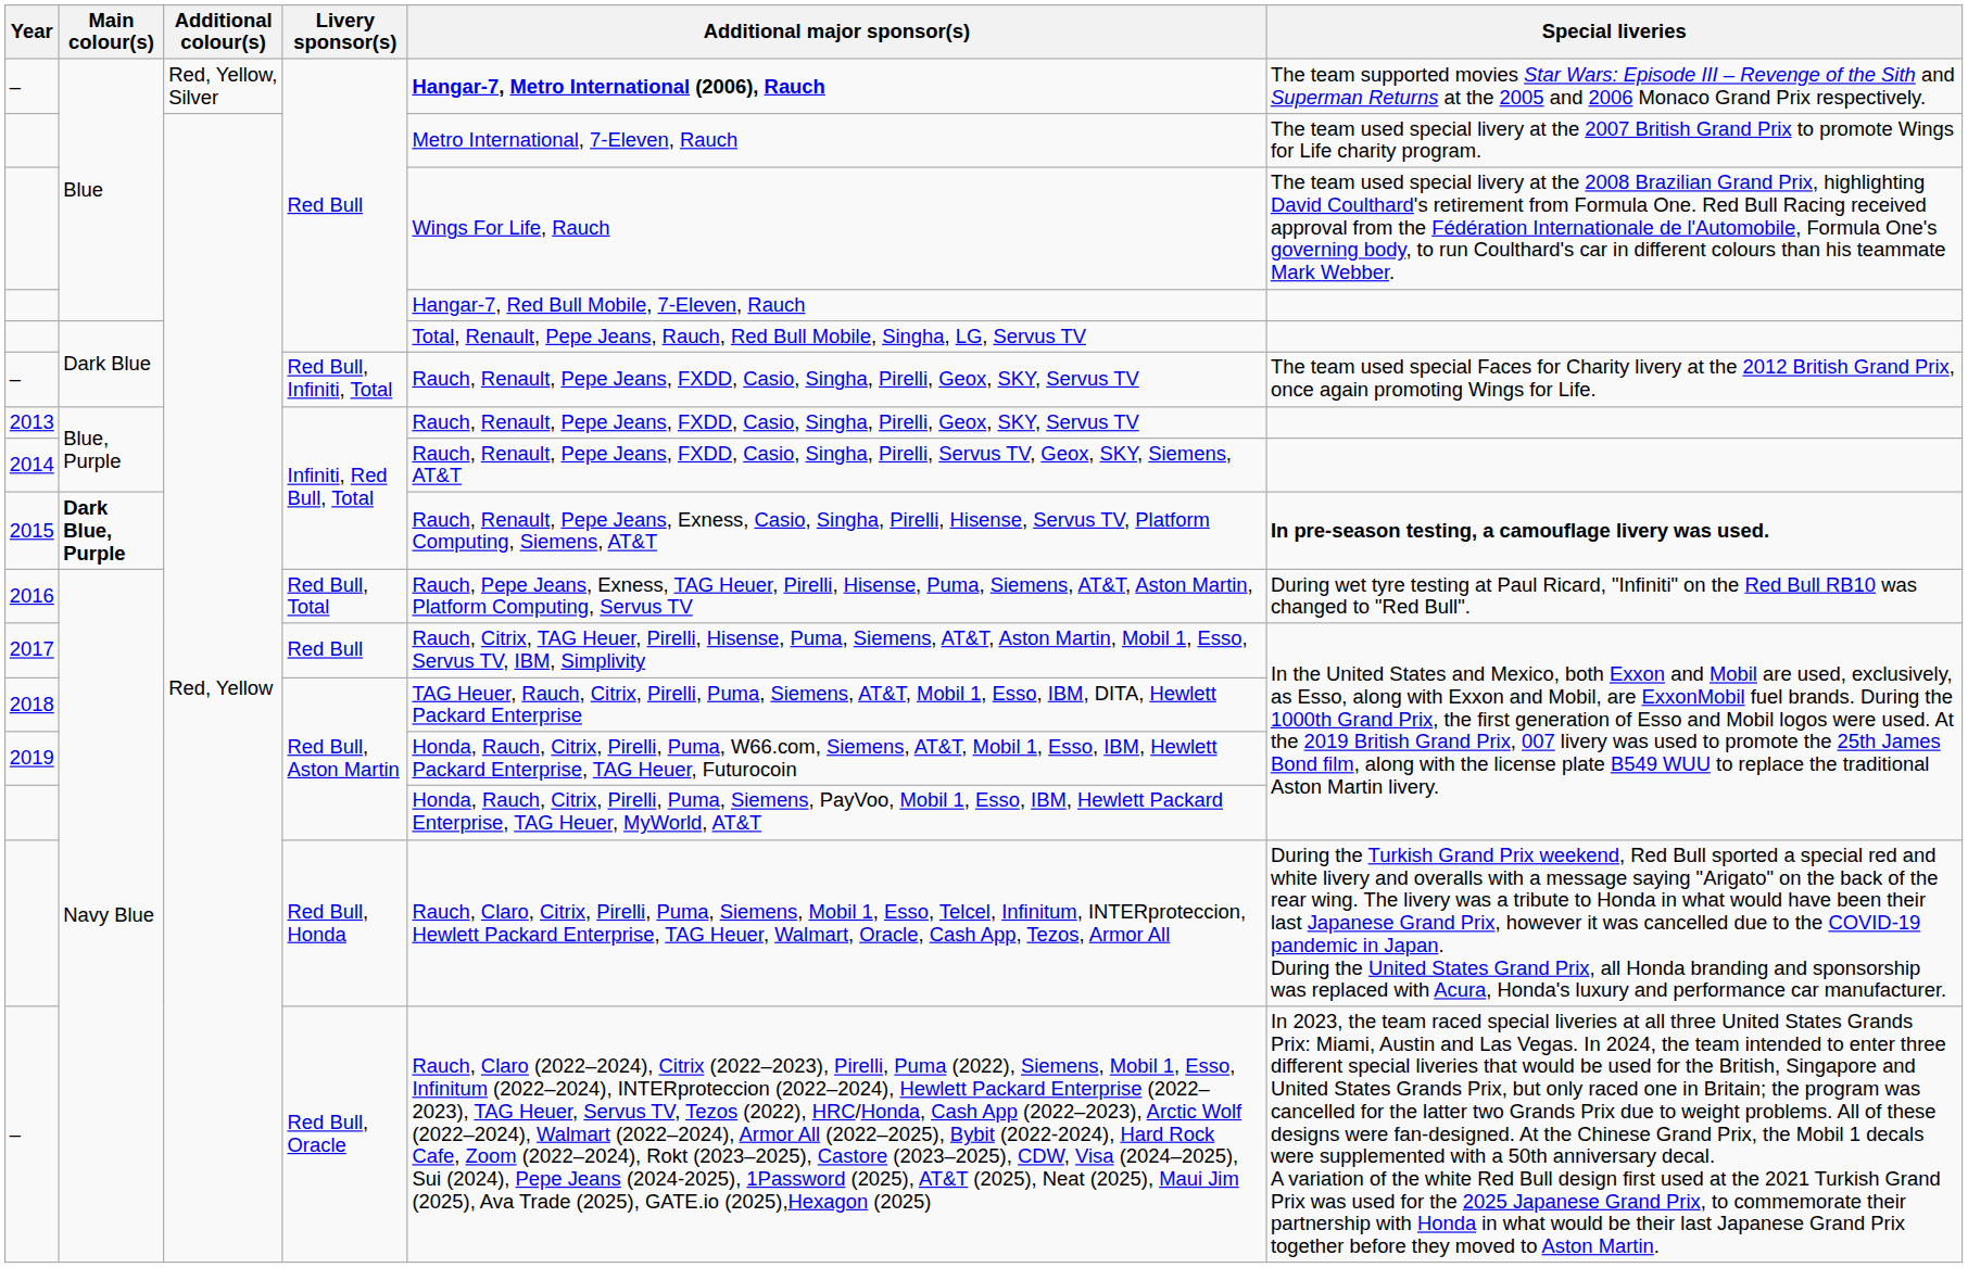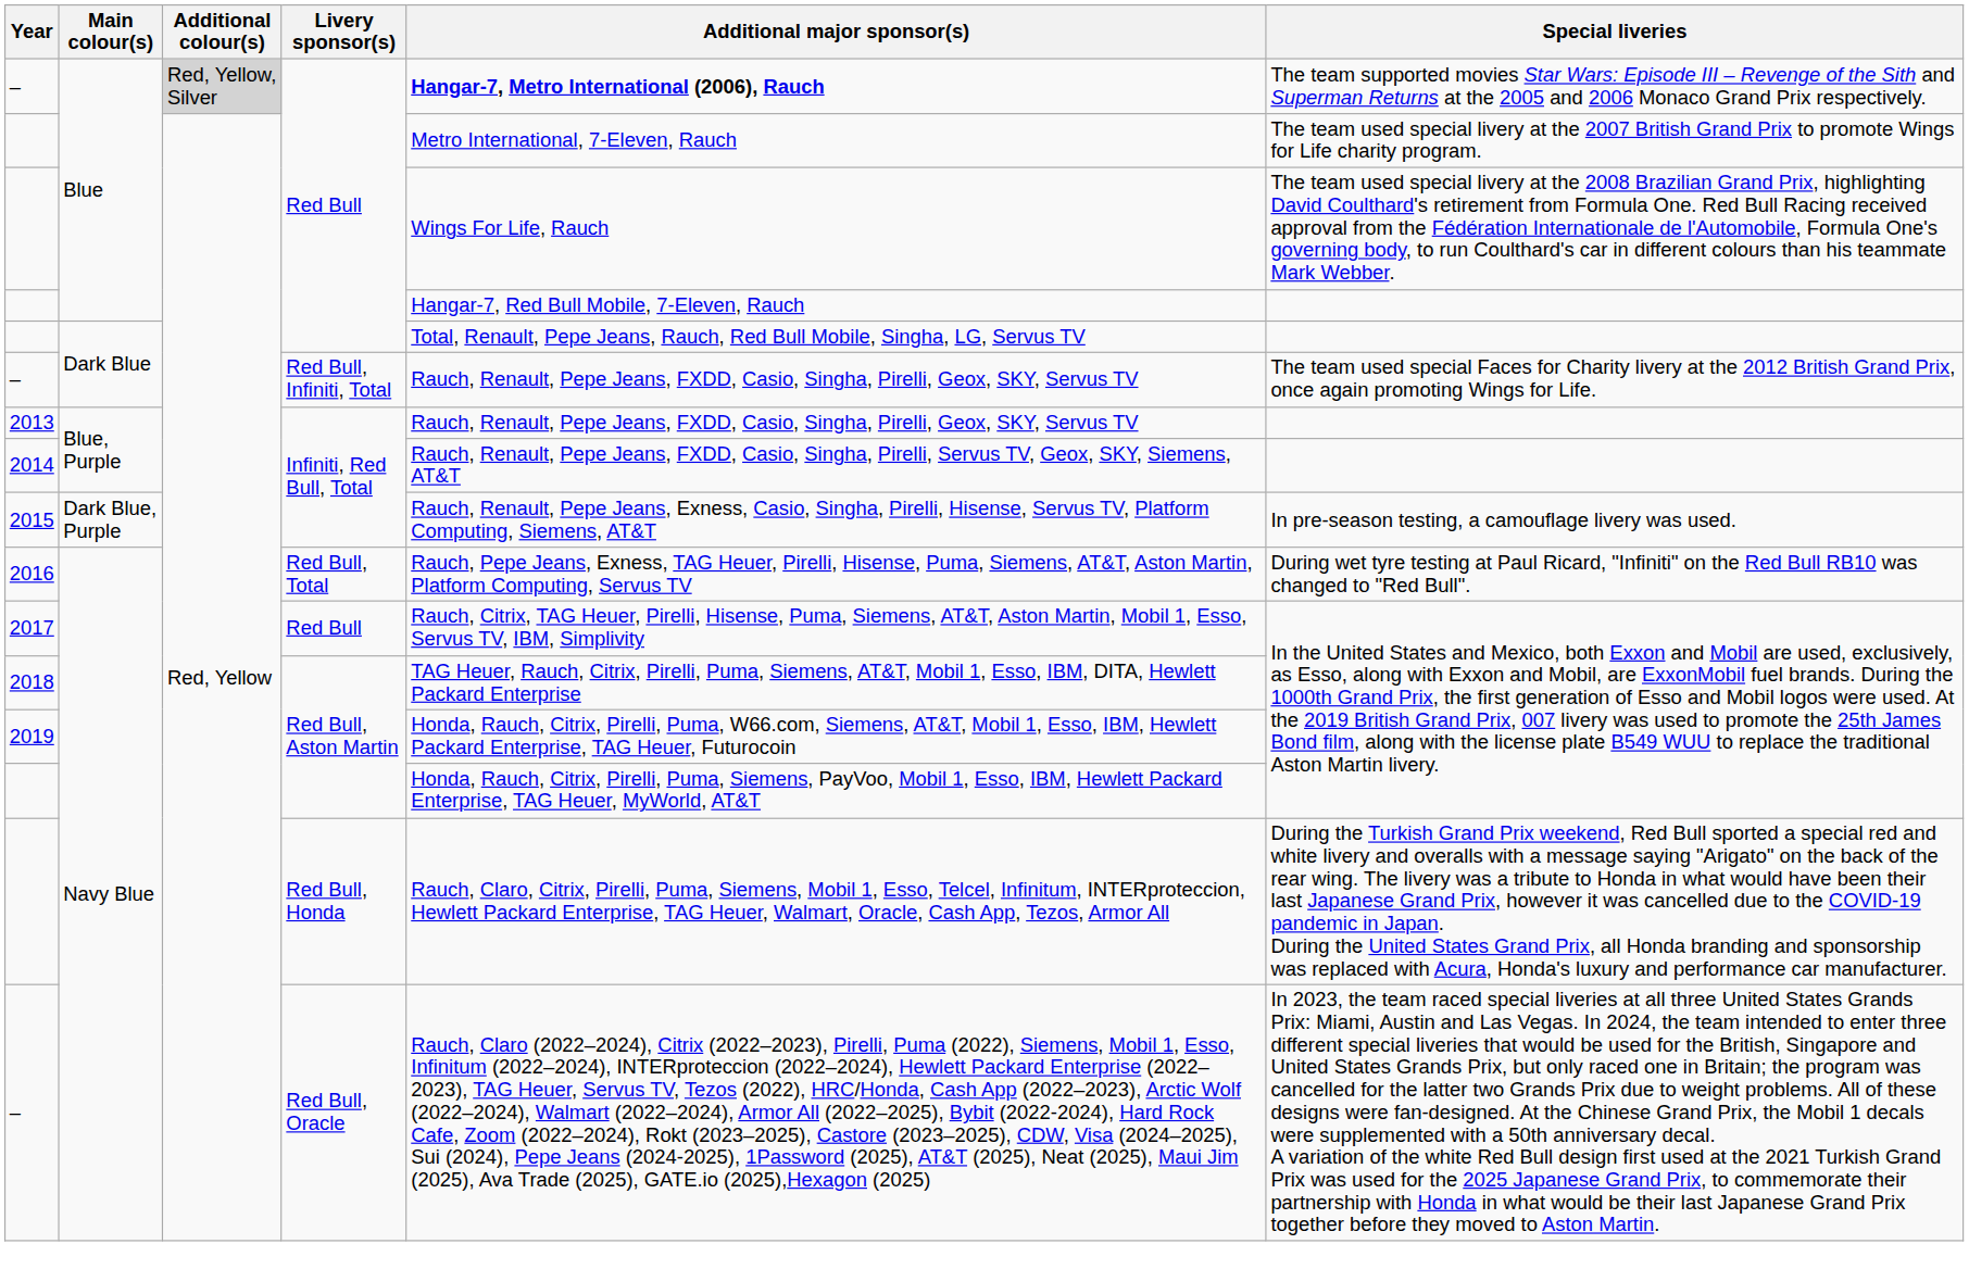 <table class="wikitable">
 <tr>
 <th>Year</th>
 <th>Main colour(s)</th>
 <th>Additional colour(s)</th>
 <th>Livery sponsor(s)</th>
 <th>Additional major sponsor(s)</th>
 <th>Special liveries</th>
 </tr>
 <tr>
 <td>–</td>
 <td rowspan=4>Blue</td>
-<td>Red, Yellow, Silver</td>
+<td style="background: lightgrey;">Red, Yellow, Silver</td>
 <td rowspan=5><a href='#'>Red Bull</a></td>
 <td><strong><a href='#'>Hangar-7</a>, <a href='#'>Metro International</a> (2006), <a href='#'>Rauch</a></strong></td>
 <td>The team supported movies <em><a href='#'>Star Wars: Episode III – Revenge of the Sith</a></em> and <em><a href='#'>Superman Returns</a></em> at the <a href='#'>2005</a> and <a href='#'>2006</a> Monaco Grand Prix respectively.</td>
 </tr>
 <tr>
 <td></td>
 <td rowspan=15>Red, Yellow</td>
 <td><a href='#'>Metro International</a>, <a href='#'>7-Eleven</a>, <a href='#'>Rauch</a></td>
 <td>The team used special livery at the <a href='#'>2007 British Grand Prix</a> to promote Wings for Life charity program.</td>
 </tr>
 <tr>
 <td></td>
 <td><a href='#'>Wings For Life</a>, <a href='#'>Rauch</a></td>
 <td>The team used special livery at the <a href='#'>2008 Brazilian Grand Prix</a>, highlighting <a href='#'>David Coulthard</a>'s retirement from Formula One. Red Bull Racing received approval from the <a href='#'>Fédération Internationale de l'Automobile</a>, Formula One's <a href='#'>governing body</a>, to run Coulthard's car in different colours than his teammate <a href='#'>Mark Webber</a>.</td>
 </tr>
 <tr>
 <td></td>
 <td><a href='#'>Hangar-7</a>, <a href='#'>Red Bull Mobile</a>, <a href='#'>7-Eleven</a>, <a href='#'>Rauch</a></td>
 <td></td>
 </tr>
 <tr>
 <td></td>
 <td rowspan=2>Dark Blue</td>
 <td><a href='#'>Total</a>, <a href='#'>Renault</a>, <a href='#'>Pepe Jeans</a>, <a href='#'>Rauch</a>, <a href='#'>Red Bull Mobile</a>, <a href='#'>Singha</a>, <a href='#'>LG</a>, <a href='#'>Servus TV</a></td>
 <td></td>
 </tr>
 <tr>
 <td>–</td>
 <td><a href='#'>Red Bull</a>, <a href='#'>Infiniti</a>, <a href='#'>Total</a></td>
 <td><a href='#'>Rauch</a>, <a href='#'>Renault</a>, <a href='#'>Pepe Jeans</a>, <a href='#'>FXDD</a>, <a href='#'>Casio</a>, <a href='#'>Singha</a>, <a href='#'>Pirelli</a>, <a href='#'>Geox</a>, <a href='#'>SKY</a>, <a href='#'>Servus TV</a></td>
 <td>The team used special Faces for Charity livery at the <a href='#'>2012 British Grand Prix</a>, once again promoting Wings for Life.</td>
 </tr>
 <tr>
 <td><a href='#'>2013</a></td>
 <td rowspan=2>Blue, Purple</td>
 <td rowspan=3><a href='#'>Infiniti</a>, <a href='#'>Red Bull</a>, <a href='#'>Total</a></td>
 <td><a href='#'>Rauch</a>, <a href='#'>Renault</a>, <a href='#'>Pepe Jeans</a>, <a href='#'>FXDD</a>, <a href='#'>Casio</a>, <a href='#'>Singha</a>, <a href='#'>Pirelli</a>, <a href='#'>Geox</a>, <a href='#'>SKY</a>, <a href='#'>Servus TV</a></td>
 <td></td>
 </tr>
 <tr>
 <td><a href='#'>2014</a></td>
 <td><a href='#'>Rauch</a>, <a href='#'>Renault</a>, <a href='#'>Pepe Jeans</a>, <a href='#'>FXDD</a>, <a href='#'>Casio</a>, <a href='#'>Singha</a>, <a href='#'>Pirelli</a>, <a href='#'>Servus TV</a>, <a href='#'>Geox</a>, <a href='#'>SKY</a>, <a href='#'>Siemens</a>, <a href='#'>AT&T</a></td>
 <td></td>
 </tr>
 <tr>
 <td><a href='#'>2015</a></td>
-<td><strong>Dark Blue, Purple</strong></td>
+<td>Dark Blue, Purple</td>
 <td><a href='#'>Rauch</a>, <a href='#'>Renault</a>, <a href='#'>Pepe Jeans</a>, Exness, <a href='#'>Casio</a>, <a href='#'>Singha</a>, <a href='#'>Pirelli</a>, <a href='#'>Hisense</a>, <a href='#'>Servus TV</a>, <a href='#'>Platform Computing</a>, <a href='#'>Siemens</a>, <a href='#'>AT&T</a></td>
-<td><strong>In pre-season testing, a camouflage livery was used.</strong></td>
+<td>In pre-season testing, a camouflage livery was used.</td>
 </tr>
 <tr>
 <td><a href='#'>2016</a></td>
 <td rowspan=7>Navy Blue</td>
 <td><a href='#'>Red Bull</a>, <a href='#'>Total</a></td>
 <td><a href='#'>Rauch</a>, <a href='#'>Pepe Jeans</a>, Exness, <a href='#'>TAG Heuer</a>, <a href='#'>Pirelli</a>, <a href='#'>Hisense</a>, <a href='#'>Puma</a>, <a href='#'>Siemens</a>, <a href='#'>AT&T</a>, <a href='#'>Aston Martin</a>, <a href='#'>Platform Computing</a>, <a href='#'>Servus TV</a></td>
 <td>During wet tyre testing at Paul Ricard, "Infiniti" on the <a href='#'>Red Bull RB10</a> was changed to "Red Bull".</td>
 </tr>
 <tr>
 <td><a href='#'>2017</a></td>
 <td><a href='#'>Red Bull</a></td>
 <td><a href='#'>Rauch</a>, <a href='#'>Citrix</a>, <a href='#'>TAG Heuer</a>, <a href='#'>Pirelli</a>, <a href='#'>Hisense</a>, <a href='#'>Puma</a>, <a href='#'>Siemens</a>, <a href='#'>AT&T</a>, <a href='#'>Aston Martin</a>, <a href='#'>Mobil 1</a>, <a href='#'>Esso</a>, <a href='#'>Servus TV</a>, <a href='#'>IBM</a>, <a href='#'>Simplivity</a></td>
 <td rowspan=4>In the United States and Mexico, both <a href='#'>Exxon</a> and <a href='#'>Mobil</a> are used, exclusively, as Esso, along with Exxon and Mobil, are <a href='#'>ExxonMobil</a> fuel brands. During the <a href='#'>1000th Grand Prix</a>, the first generation of Esso and Mobil logos were used. At the <a href='#'>2019 British Grand Prix</a>, <a href='#'>007</a> livery was used to promote the <a href='#'>25th James Bond film</a>, along with the license plate <a href='#'>B549 WUU</a> to replace the traditional Aston Martin livery.</td>
 </tr>
 <tr>
 <td><a href='#'>2018</a></td>
 <td rowspan=3><a href='#'>Red Bull</a>, <a href='#'>Aston Martin</a></td>
 <td><a href='#'>TAG Heuer</a>, <a href='#'>Rauch</a>, <a href='#'>Citrix</a>, <a href='#'>Pirelli</a>, <a href='#'>Puma</a>, <a href='#'>Siemens</a>, <a href='#'>AT&T</a>, <a href='#'>Mobil 1</a>, <a href='#'>Esso</a>, <a href='#'>IBM</a>, DITA, <a href='#'>Hewlett Packard Enterprise</a></td>
 </tr>
 <tr>
 <td><a href='#'>2019</a></td>
 <td><a href='#'>Honda</a>, <a href='#'>Rauch</a>, <a href='#'>Citrix</a>, <a href='#'>Pirelli</a>, <a href='#'>Puma</a>, W66.com, <a href='#'>Siemens</a>, <a href='#'>AT&T</a>, <a href='#'>Mobil 1</a>, <a href='#'>Esso</a>, <a href='#'>IBM</a>, <a href='#'>Hewlett Packard Enterprise</a>, <a href='#'>TAG Heuer</a>, Futurocoin</td>
 </tr>
 <tr>
 <td></td>
 <td><a href='#'>Honda</a>, <a href='#'>Rauch</a>, <a href='#'>Citrix</a>, <a href='#'>Pirelli</a>, <a href='#'>Puma</a>, <a href='#'>Siemens</a>, PayVoo, <a href='#'>Mobil 1</a>, <a href='#'>Esso</a>, <a href='#'>IBM</a>, <a href='#'>Hewlett Packard Enterprise</a>, <a href='#'>TAG Heuer</a>, <a href='#'>MyWorld</a>, <a href='#'>AT&T</a></td>
 </tr>
 <tr>
 <td></td>
 <td><a href='#'>Red Bull</a>, <a href='#'>Honda</a></td>
 <td><a href='#'>Rauch</a>, <a href='#'>Claro</a>, <a href='#'>Citrix</a>, <a href='#'>Pirelli</a>, <a href='#'>Puma</a>, <a href='#'>Siemens</a>, <a href='#'>Mobil 1</a>, <a href='#'>Esso</a>, <a href='#'>Telcel</a>, <a href='#'>Infinitum</a>, INTERproteccion, <a href='#'>Hewlett Packard Enterprise</a>, <a href='#'>TAG Heuer</a>, <a href='#'>Walmart</a>, <a href='#'>Oracle</a>, <a href='#'>Cash App</a>, <a href='#'>Tezos</a>, <a href='#'>Armor All</a></td>
 <td>During the <a href='#'>Turkish Grand Prix weekend</a>, Red Bull sported a special red and white livery and overalls with a message saying "Arigato" on the back of the rear wing. The livery was a tribute to Honda in what would have been their last <a href='#'>Japanese Grand Prix</a>, however it was cancelled due to the <a href='#'>COVID-19 pandemic in Japan</a>.<br>During the <a href='#'>United States Grand Prix</a>, all Honda branding and sponsorship was replaced with <a href='#'>Acura</a>, Honda's luxury and performance car manufacturer.</td>
 </tr>
 <tr>
 <td>–</td>
 <td><a href='#'>Red Bull</a>, <a href='#'>Oracle</a></td>
 <td><a href='#'>Rauch</a>, <a href='#'>Claro</a> (2022–2024), <a href='#'>Citrix</a> (2022–2023), <a href='#'>Pirelli</a>, <a href='#'>Puma</a> (2022), <a href='#'>Siemens</a>, <a href='#'>Mobil 1</a>, <a href='#'>Esso</a>, <a href='#'>Infinitum</a> (2022–2024), INTERproteccion (2022–2024), <a href='#'>Hewlett Packard Enterprise</a> (2022–2023), <a href='#'>TAG Heuer</a>, <a href='#'>Servus TV</a>, <a href='#'>Tezos</a> (2022), <a href='#'>HRC</a>/<a href='#'>Honda</a>, <a href='#'>Cash App</a> (2022–2023), <a href='#'>Arctic Wolf</a> (2022–2024), <a href='#'>Walmart</a> (2022–2024), <a href='#'>Armor All</a> (2022–2025), <a href='#'>Bybit</a> (2022-2024), <a href='#'>Hard Rock Cafe</a>, <a href='#'>Zoom</a> (2022–2024), Rokt (2023–2025), <a href='#'>Castore</a> (2023–2025), <a href='#'>CDW</a>, <a href='#'>Visa</a> (2024–2025), Sui (2024), <a href='#'>Pepe Jeans</a> (2024-2025), <a href='#'>1Password</a> (2025), <a href='#'>AT&T</a> (2025), Neat (2025), <a href='#'>Maui Jim</a> (2025), Ava Trade (2025), GATE.io (2025),<a href='#'>Hexagon</a> (2025)</td>
 <td>In 2023, the team raced special liveries at all three United States Grands Prix: Miami, Austin and Las Vegas. In 2024, the team intended to enter three different special liveries that would be used for the British, Singapore and United States Grands Prix, but only raced one in Britain; the program was cancelled for the latter two Grands Prix due to weight problems. All of these designs were fan-designed. At the Chinese Grand Prix, the Mobil 1 decals were supplemented with a 50th anniversary decal.<br>A variation of the white Red Bull design first used at the 2021 Turkish Grand Prix was used for the <a href='#'>2025 Japanese Grand Prix</a>, to commemorate their partnership with <a href='#'>Honda</a> in what would be their last Japanese Grand Prix together before they moved to <a href='#'>Aston Martin</a>.</td>
 </tr>
 </table>
